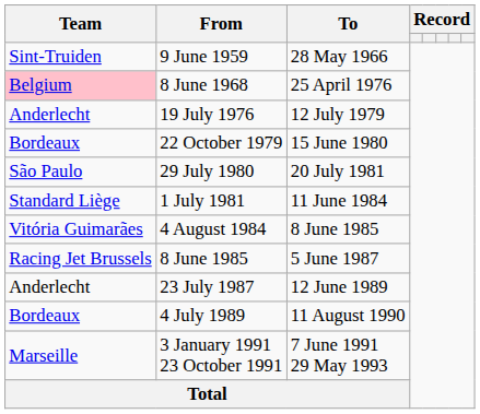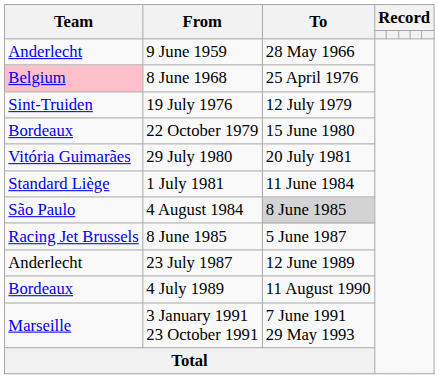 <table class=wikitable style="text-align: center">
 <tr>
 <th rowspan=2>Team</th>
 <th rowspan=2>From</th>
 <th rowspan=2>To</th>
 <th colspan=5>Record</th>
 </tr>
 <tr>
 <th></th>
 <th></th>
 <th></th>
 <th></th>
 <th></th>
 </tr>
 <tr>
-<td align=left><a href='#'>Sint-Truiden</a></td>
+<td align=left><a href='#'>Anderlecht</a></td>
 <td align=left>9 June 1959</td>
 <td align=left>28 May 1966<br></td>
 </tr>
 <tr>
 <td align=left style="background: pink;"><a href='#'>Belgium</a></td>
 <td align=left>8 June 1968</td>
 <td align=left>25 April 1976<br></td>
 </tr>
 <tr>
-<td align=left><a href='#'>Anderlecht</a></td>
+<td align=left><a href='#'>Sint-Truiden</a></td>
 <td align=left>19 July 1976</td>
 <td align=left>12 July 1979<br></td>
 </tr>
 <tr>
 <td align=left><a href='#'>Bordeaux</a></td>
 <td align=left>22 October 1979</td>
 <td align=left>15 June 1980<br></td>
 </tr>
 <tr>
-<td align=left><a href='#'>São Paulo</a></td>
+<td align=left><a href='#'>Vitória Guimarães</a></td>
 <td align=left>29 July 1980</td>
 <td align=left>20 July 1981<br></td>
 </tr>
 <tr>
 <td align=left><a href='#'>Standard Liège</a></td>
 <td align=left>1 July 1981</td>
 <td align=left>11 June 1984<br></td>
 </tr>
 <tr>
-<td align=left><a href='#'>Vitória Guimarães</a></td>
+<td align=left><a href='#'>São Paulo</a></td>
 <td align=left>4 August 1984</td>
-<td align=left>8 June 1985<br></td>
+<td align=left style="background: lightgrey;">8 June 1985<br></td>
 </tr>
 <tr>
 <td align=left><a href='#'>Racing Jet Brussels</a></td>
 <td align=left>8 June 1985</td>
 <td align=left>5 June 1987<br></td>
 </tr>
 <tr>
 <td align=left>Anderlecht</td>
 <td align=left>23 July 1987</td>
 <td align=left>12 June 1989<br></td>
 </tr>
 <tr>
 <td align=left><a href='#'>Bordeaux</a></td>
 <td align=left>4 July 1989</td>
 <td align=left>11 August 1990<br></td>
 </tr>
 <tr>
 <td align=left><a href='#'>Marseille</a></td>
 <td align=left>3 January 1991<br>23 October 1991</td>
 <td align=left>7 June 1991<br>29 May 1993 </td>
 </tr>
 <tr>
 <th colspan=3>Total<br></th>
 </tr>
 </table>
